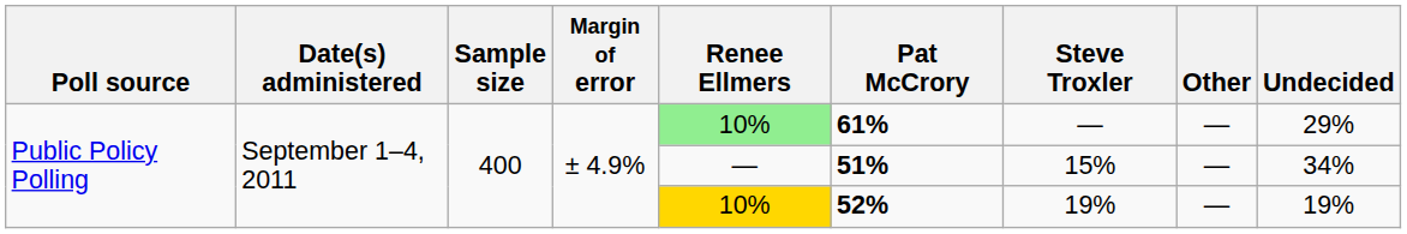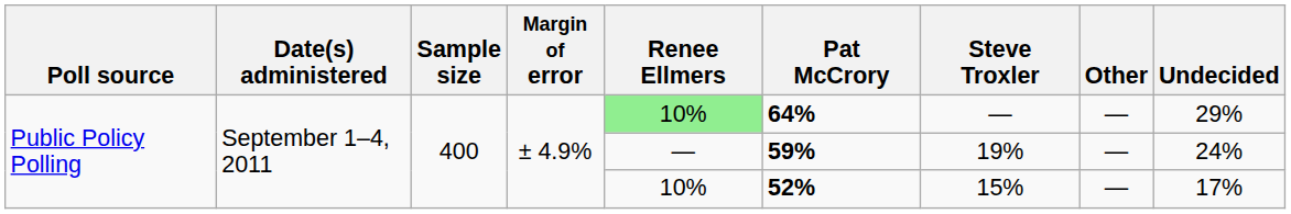 <table class="wikitable">
 <tr valign= bottom>
 <th>Poll source</th>
 <th style="width:125px;">Date(s)<br>administered</th>
 <th class=small>Sample<br>size</th>
 <th><small>Margin of</small><br>error</th>
 <th style="width:100px;">Renee<br>Ellmers</th>
 <th style="width:100px;">Pat<br>McCrory</th>
 <th style="width:100px;">Steve<br>Troxler</th>
 <th>Other</th>
 <th>Undecided</th>
 </tr>
 <tr>
 <td rowspan=3><a href='#'>Public Policy Polling</a></td>
 <td rowspan=3>September 1–4, 2011</td>
 <td rowspan=3 align=center>400</td>
 <td rowspan=3 align=center>± 4.9%</td>
 <td align=center style="background: lightgreen;">10%</td>
-<td><strong>61%</strong></td>
+<td><strong>64%</strong></td>
 <td align=center>—</td>
 <td align=center>—</td>
 <td align=center>29%</td>
 </tr>
 <tr>
 <td align=center>—</td>
-<td><strong>51%</strong></td>
+<td><strong>59%</strong></td>
+<td align=center>19%</td>
+<td align=center>—</td>
+<td align=center>24%</td>
+</tr>
+<tr>
+<td align=center>10%</td>
+<td><strong>52%</strong></td>
 <td align=center>15%</td>
 <td align=center>—</td>
-<td align=center>34%</td>
-</tr>
-<tr>
-<td align=center style="background: gold;">10%</td>
-<td><strong>52%</strong></td>
-<td align=center>19%</td>
-<td align=center>—</td>
-<td align=center>19%</td>
+<td align=center>17%</td>
 </tr>
 </table>
